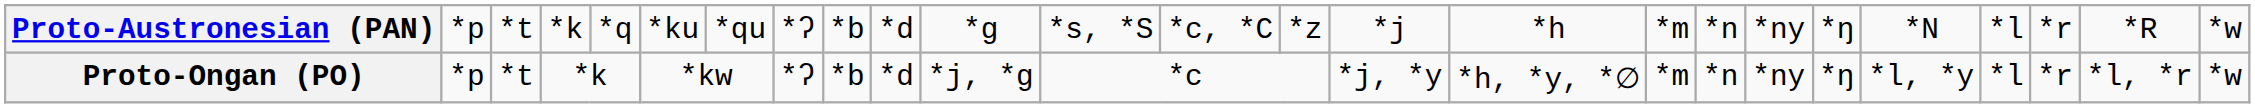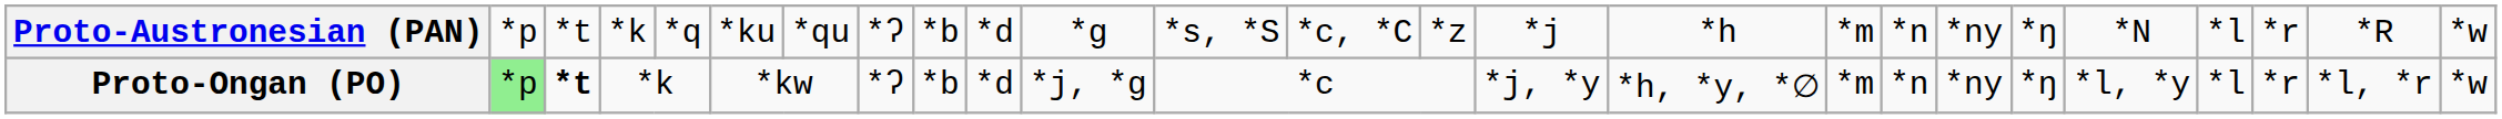 <table class=wikitable>
 <tr align=center>
 <th><a href='#'>Proto-Austronesian</a> (PAN)</th>
 <td>*p</td>
 <td>*t</td>
 <td>*k</td>
 <td>*q</td>
 <td>*ku</td>
 <td>*qu</td>
 <td>*ʔ</td>
 <td>*b</td>
 <td>*d</td>
 <td>*g</td>
 <td>*s, *S</td>
 <td>*c, *C</td>
 <td>*z</td>
 <td>*j</td>
 <td>*h</td>
 <td>*m</td>
 <td>*n</td>
 <td>*ny</td>
 <td>*ŋ</td>
 <td>*N</td>
 <td>*l</td>
 <td>*r</td>
 <td>*R</td>
 <td>*w</td>
 </tr>
 <tr align=center>
 <th>Proto-Ongan (PO)</th>
-<td>*p</td>
-<td>*t</td>
+<td style="background: lightgreen;">*p</td>
+<td><strong>*t</strong></td>
 <td colspan=2>*k</td>
 <td colspan=2>*kw</td>
 <td>*ʔ</td>
 <td>*b</td>
 <td>*d</td>
 <td>*j, *g</td>
 <td colspan=3>*c</td>
 <td>*j, *y</td>
 <td>*h, *y, *∅</td>
 <td>*m</td>
 <td>*n</td>
 <td>*ny</td>
 <td>*ŋ</td>
 <td>*l, *y</td>
 <td>*l</td>
 <td>*r</td>
 <td>*l, *r</td>
 <td>*w</td>
 </tr>
 </table>
